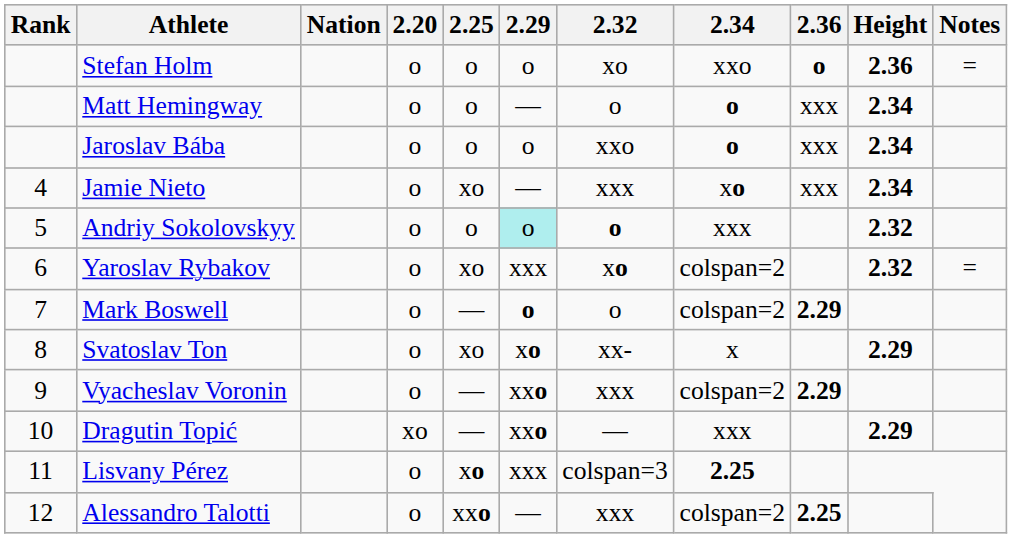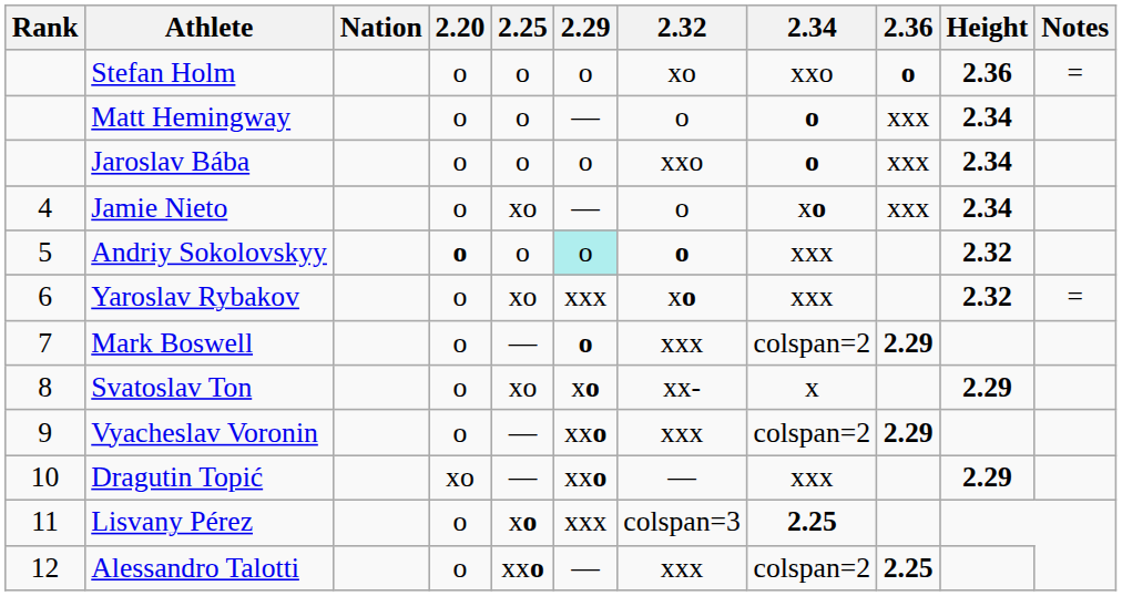 <table class="wikitable sortable" style="text-align:center">
 <tr>
 <th>Rank</th>
 <th>Athlete</th>
 <th>Nation</th>
 <th>2.20</th>
 <th>2.25</th>
 <th>2.29</th>
 <th>2.32</th>
 <th>2.34</th>
 <th>2.36</th>
 <th>Height</th>
 <th>Notes</th>
 </tr>
 <tr>
 <td></td>
 <td align="left"><a href='#'>Stefan Holm</a></td>
 <td align="left"></td>
 <td>o</td>
 <td>o</td>
 <td>o</td>
 <td>xo</td>
 <td>xxo</td>
 <td><strong>o</strong></td>
 <td><strong>2.36</strong></td>
 <td>=</td>
 </tr>
 <tr>
 <td></td>
 <td align="left"><a href='#'>Matt Hemingway</a></td>
 <td align="left"></td>
 <td>o</td>
 <td>o</td>
 <td>—</td>
 <td>o</td>
 <td><strong>o</strong></td>
 <td>xxx</td>
 <td><strong>2.34</strong></td>
 <td></td>
 </tr>
 <tr>
 <td></td>
 <td align="left"><a href='#'>Jaroslav Bába</a></td>
 <td align="left"></td>
 <td>o</td>
 <td>o</td>
 <td>o</td>
 <td>xxo</td>
 <td><strong>o</strong></td>
 <td>xxx</td>
 <td><strong>2.34</strong></td>
 <td></td>
 </tr>
 <tr>
 <td>4</td>
 <td align="left"><a href='#'>Jamie Nieto</a></td>
 <td align="left"></td>
 <td>o</td>
 <td>xo</td>
 <td>—</td>
-<td>xxx</td>
+<td>o</td>
 <td>x<strong>o</strong></td>
 <td>xxx</td>
 <td><strong>2.34</strong></td>
 <td></td>
 </tr>
 <tr>
 <td>5</td>
 <td align="left"><a href='#'>Andriy Sokolovskyy</a></td>
 <td align="left"></td>
-<td>o</td>
+<td><strong>o</strong></td>
 <td>o</td>
 <td style="background: paleturquoise;">o</td>
 <td><strong>o</strong></td>
 <td>xxx</td>
 <td></td>
 <td><strong>2.32</strong></td>
 <td></td>
 </tr>
 <tr>
 <td>6</td>
 <td align="left"><a href='#'>Yaroslav Rybakov</a></td>
 <td align="left"></td>
 <td>o</td>
 <td>xo</td>
 <td>xxx</td>
 <td>x<strong>o</strong></td>
-<td>colspan=2 </td>
+<td>xxx</td>
 <td></td>
 <td><strong>2.32</strong></td>
 <td>=</td>
 </tr>
 <tr>
 <td>7</td>
 <td align="left"><a href='#'>Mark Boswell</a></td>
 <td align="left"></td>
 <td>o</td>
 <td>—</td>
 <td><strong>o</strong></td>
-<td>o</td>
+<td>xxx</td>
 <td>colspan=2 </td>
 <td><strong>2.29</strong></td>
 <td></td>
 </tr>
 <tr>
 <td>8</td>
 <td align="left"><a href='#'>Svatoslav Ton</a></td>
 <td align="left"></td>
 <td>o</td>
 <td>xo</td>
 <td>x<strong>o</strong></td>
 <td>xx-</td>
 <td>x</td>
 <td></td>
 <td><strong>2.29</strong></td>
 <td></td>
 </tr>
 <tr>
 <td>9</td>
 <td align="left"><a href='#'>Vyacheslav Voronin</a></td>
 <td align="left"></td>
 <td>o</td>
 <td>—</td>
 <td>xx<strong>o</strong></td>
 <td>xxx</td>
 <td>colspan=2 </td>
 <td><strong>2.29</strong></td>
 <td></td>
 </tr>
 <tr>
 <td>10</td>
 <td align="left"><a href='#'>Dragutin Topić</a></td>
 <td align="left"></td>
 <td>xo</td>
 <td>—</td>
 <td>xx<strong>o</strong></td>
 <td>—</td>
 <td>xxx</td>
 <td></td>
 <td><strong>2.29</strong></td>
 <td></td>
 </tr>
 <tr>
 <td>11</td>
 <td align="left"><a href='#'>Lisvany Pérez</a></td>
 <td align="left"></td>
 <td>o</td>
 <td>x<strong>o</strong></td>
 <td>xxx</td>
 <td>colspan=3 </td>
 <td><strong>2.25</strong></td>
 <td></td>
 </tr>
 <tr>
 <td>12</td>
 <td align="left"><a href='#'>Alessandro Talotti</a></td>
 <td align="left"></td>
 <td>o</td>
 <td>xx<strong>o</strong></td>
 <td>—</td>
 <td>xxx</td>
 <td>colspan=2 </td>
 <td><strong>2.25</strong></td>
 <td></td>
 </tr>
 </table>
